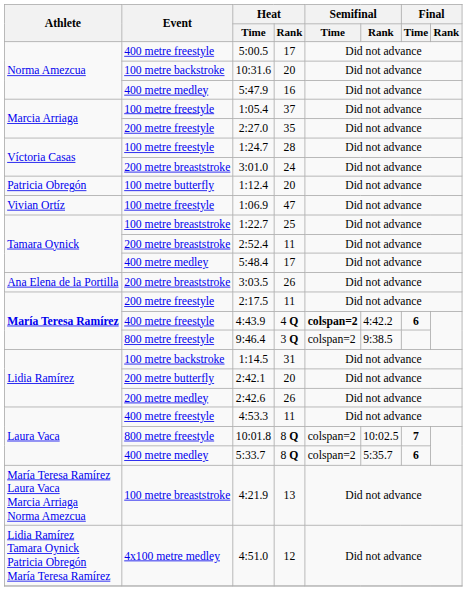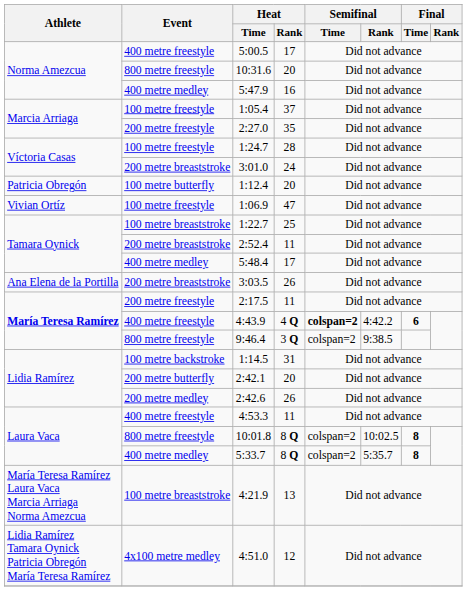 <table class=wikitable style="font-size:90%">
 <tr>
 <th rowspan="2">Athlete</th>
 <th rowspan="2">Event</th>
 <th colspan="2">Heat</th>
 <th colspan="2">Semifinal</th>
 <th colspan="2">Final</th>
 </tr>
 <tr style="font-size:95%">
 <th>Time</th>
 <th>Rank</th>
 <th>Time</th>
 <th>Rank</th>
 <th>Time</th>
 <th>Rank</th>
 </tr>
 <tr align=center>
 <td align=left rowspan=3><a href='#'>Norma Amezcua</a></td>
 <td align=left><a href='#'>400 metre freestyle</a></td>
 <td>5:00.5</td>
 <td align=center>17</td>
 <td colspan=4 align=center>Did not advance</td>
 </tr>
 <tr align=center>
-<td align=left><a href='#'>100 metre backstroke</a></td>
+<td align=left><a href='#'>800 metre freestyle</a></td>
 <td>10:31.6</td>
 <td align=center>20</td>
 <td colspan=4 align=center>Did not advance</td>
 </tr>
 <tr align=center>
 <td align=left><a href='#'>400 metre medley</a></td>
 <td>5:47.9</td>
 <td align=center>16</td>
 <td colspan=4 align=center>Did not advance</td>
 </tr>
 <tr align=center>
 <td align=left rowspan=2><a href='#'>Marcia Arriaga</a></td>
 <td align=left><a href='#'>100 metre freestyle</a></td>
 <td>1:05.4</td>
 <td align=center>37</td>
 <td colspan=4 align=center>Did not advance</td>
 </tr>
 <tr align=center>
 <td align=left><a href='#'>200 metre freestyle</a></td>
 <td>2:27.0</td>
 <td align=center>35</td>
 <td colspan=4 align=center>Did not advance</td>
 </tr>
 <tr align=center>
 <td align=left rowspan=2><a href='#'>Víctoria Casas</a></td>
 <td align=left><a href='#'>100 metre freestyle</a></td>
 <td>1:24.7</td>
 <td align=center>28</td>
 <td colspan=4 align=center>Did not advance</td>
 </tr>
 <tr align=center>
 <td align=left><a href='#'>200 metre breaststroke</a></td>
 <td>3:01.0</td>
 <td align=center>24</td>
 <td colspan=4 align=center>Did not advance</td>
 </tr>
 <tr align=center>
 <td align=left rowspan=1><a href='#'>Patricia Obregón</a></td>
 <td align=left><a href='#'>100 metre butterfly</a></td>
 <td>1:12.4</td>
 <td align=center>20</td>
 <td colspan=4 align=center>Did not advance</td>
 </tr>
 <tr align=center>
 <td align=left rowspan=1><a href='#'>Vivian Ortíz</a></td>
 <td align=left><a href='#'>100 metre freestyle</a></td>
 <td>1:06.9</td>
 <td align=center>47</td>
 <td colspan=4 align=center>Did not advance</td>
 </tr>
 <tr align=center>
 <td align=left rowspan=3><a href='#'>Tamara Oynick</a></td>
 <td align=left><a href='#'>100 metre breaststroke</a></td>
 <td>1:22.7</td>
 <td align=center>25</td>
 <td colspan=4 align=center>Did not advance</td>
 </tr>
 <tr align=center>
 <td align=left><a href='#'>200 metre breaststroke</a></td>
 <td>2:52.4</td>
 <td align=center>11</td>
 <td colspan=4 align=center>Did not advance</td>
 </tr>
 <tr align=center>
 <td align=left><a href='#'>400 metre medley</a></td>
 <td>5:48.4</td>
 <td align=center>17</td>
 <td colspan=4 align=center>Did not advance</td>
 </tr>
 <tr align=center>
 <td align=left rowspan=1><a href='#'>Ana Elena de la Portilla</a></td>
 <td align=left><a href='#'>200 metre breaststroke</a></td>
 <td>3:03.5</td>
 <td align=center>26</td>
 <td colspan=4 align=center>Did not advance</td>
 </tr>
 <tr align=center>
 <td align=left rowspan=3><strong><a href='#'>María Teresa Ramírez</a></strong></td>
 <td align=left><a href='#'>200 metre freestyle</a></td>
 <td>2:17.5</td>
 <td align=center>11</td>
 <td colspan=4 align=center>Did not advance</td>
 </tr>
 <tr>
 <td align=left><a href='#'>400 metre freestyle</a></td>
 <td>4:43.9</td>
 <td align=center>4 <strong>Q</strong></td>
 <td><strong>colspan=2 </strong></td>
 <td>4:42.2</td>
 <td align=center><strong>6</strong></td>
 </tr>
 <tr>
 <td align=left><a href='#'>800 metre freestyle</a></td>
 <td>9:46.4</td>
 <td align=center>3 <strong>Q</strong></td>
 <td>colspan=2 </td>
 <td>9:38.5</td>
 <td align=center></td>
 </tr>
 <tr align=center>
 <td align=left rowspan=3><a href='#'>Lidia Ramírez</a></td>
 <td align=left><a href='#'>100 metre backstroke</a></td>
 <td>1:14.5</td>
 <td align=center>31</td>
 <td colspan=4 align=center>Did not advance</td>
 </tr>
 <tr>
 <td align=left><a href='#'>200 metre butterfly</a></td>
 <td>2:42.1</td>
 <td align=center>20</td>
 <td colspan=4 align=center>Did not advance</td>
 </tr>
 <tr>
 <td align=left><a href='#'>200 metre medley</a></td>
 <td>2:42.6</td>
 <td align=center>26</td>
 <td colspan=4 align=center>Did not advance</td>
 </tr>
 <tr align=center>
 <td align=left rowspan=3><a href='#'>Laura Vaca</a></td>
 <td align=left><a href='#'>400 metre freestyle</a></td>
 <td>4:53.3</td>
 <td align=center>11</td>
 <td colspan=4 align=center>Did not advance</td>
 </tr>
 <tr>
 <td align=left><a href='#'>800 metre freestyle</a></td>
 <td>10:01.8</td>
 <td align=center>8 <strong>Q</strong></td>
 <td>colspan=2 </td>
 <td>10:02.5</td>
-<td align=center><strong>7</strong></td>
+<td align=center><strong>8</strong></td>
 </tr>
 <tr>
 <td align=left><a href='#'>400 metre medley</a></td>
 <td>5:33.7</td>
 <td align=center>8 <strong>Q</strong></td>
 <td>colspan=2 </td>
 <td>5:35.7</td>
-<td align=center><strong>6</strong></td>
+<td align=center><strong>8</strong></td>
 </tr>
 <tr align=center>
 <td align=left rowspan=1><a href='#'>María Teresa Ramírez</a><br><a href='#'>Laura Vaca</a><br><a href='#'>Marcia Arriaga</a><br><a href='#'>Norma Amezcua</a></td>
 <td align=left><a href='#'>100 metre breaststroke</a></td>
 <td>4:21.9</td>
 <td>13</td>
 <td colspan=4 align=center>Did not advance</td>
 </tr>
 <tr align=center>
 <td align=left rowspan=1><a href='#'>Lidia Ramírez</a><br><a href='#'>Tamara Oynick</a><br><a href='#'>Patricia Obregón</a><br><a href='#'>María Teresa Ramírez</a></td>
 <td align=left><a href='#'>4x100 metre medley</a></td>
 <td>4:51.0</td>
 <td>12</td>
 <td colspan=4 align=center>Did not advance</td>
 </tr>
 <tr>
 </tr>
 </table>
